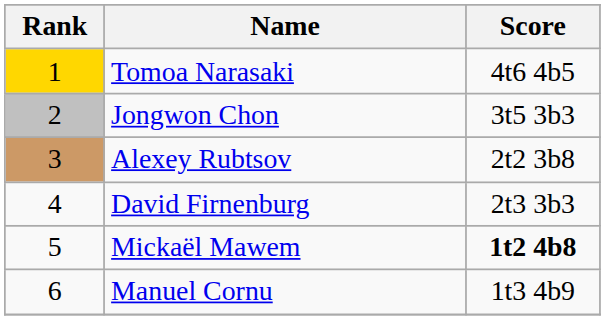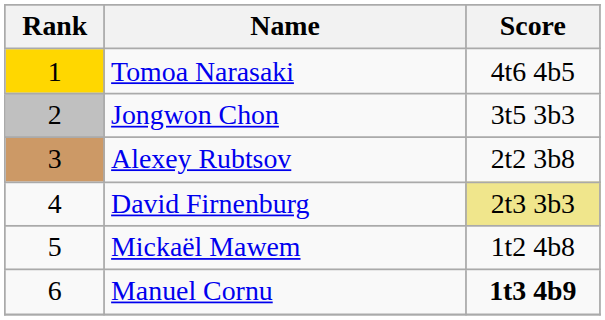 <table class="wikitable">
 <tr>
 <th width = "50">Rank</th>
 <th width = "200">Name</th>
 <th width = "70">Score</th>
 </tr>
 <tr>
 <td align="center" style="background: gold">1</td>
 <td> <a href='#'>Tomoa Narasaki</a></td>
 <td align="center">4t6 4b5</td>
 </tr>
 <tr>
 <td align="center" style="background: silver">2</td>
 <td> <a href='#'>Jongwon Chon</a></td>
 <td align="center">3t5 3b3</td>
 </tr>
 <tr>
 <td align="center" style="background: #cc9966">3</td>
 <td> <a href='#'>Alexey Rubtsov</a></td>
 <td align="center">2t2 3b8</td>
 </tr>
 <tr>
 <td align="center">4</td>
 <td> <a href='#'>David Firnenburg</a></td>
-<td align="center">2t3 3b3</td>
+<td align="center" style="background: khaki;">2t3 3b3</td>
 </tr>
 <tr>
 <td align="center">5</td>
 <td> <a href='#'>Mickaël Mawem</a></td>
-<td align="center"><strong>1t2 4b8</strong></td>
+<td align="center">1t2 4b8</td>
 </tr>
 <tr>
 <td align="center">6</td>
 <td> <a href='#'>Manuel Cornu</a></td>
-<td align="center">1t3 4b9</td>
+<td align="center"><strong>1t3 4b9</strong></td>
 </tr>
 <tr>
 </tr>
 </table>
